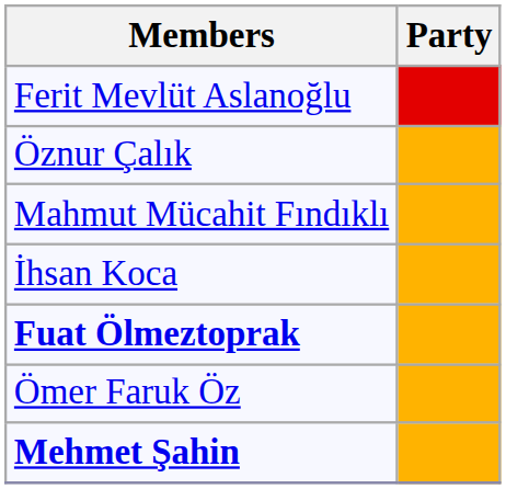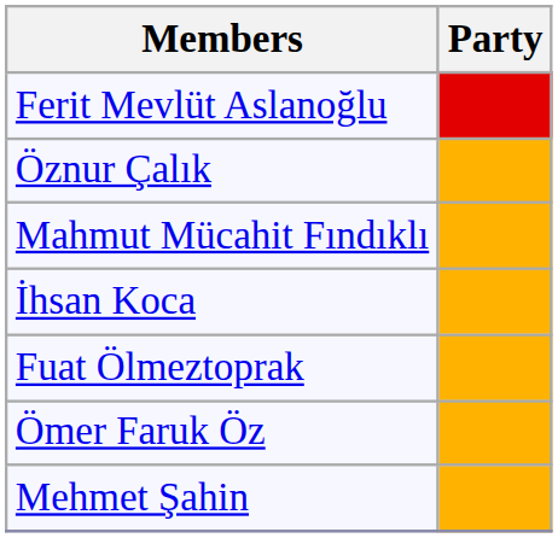 <table class=wikitable style="border:1px solid #8888aa; background-color:#f7f8ff; padding:0px; font-size:90%;">
 <tr>
 <th>Members</th>
 <th colspan="2">Party</th>
 </tr>
 <tr>
 <td><a href='#'>Ferit Mevlüt Aslanoğlu</a></td>
 <td style="background: #e30000"></td>
 </tr>
 <tr>
 <td><a href='#'>Öznur Çalık</a></td>
 <td style="background: #ffb300"></td>
 </tr>
 <tr>
 <td><a href='#'>Mahmut Mücahit Fındıklı</a></td>
 <td style="background: #ffb300"></td>
 </tr>
 <tr>
 <td><a href='#'>İhsan Koca</a></td>
 <td style="background: #ffb300"></td>
 </tr>
 <tr>
-<td><strong><a href='#'>Fuat Ölmeztoprak</a></strong></td>
+<td><a href='#'>Fuat Ölmeztoprak</a></td>
 <td style="background: #ffb300"></td>
 </tr>
 <tr>
 <td><a href='#'>Ömer Faruk Öz</a></td>
 <td style="background: #ffb300"></td>
 </tr>
 <tr>
-<td><strong><a href='#'>Mehmet Şahin</a></strong></td>
+<td><a href='#'>Mehmet Şahin</a></td>
 <td style="background: #ffb300"></td>
 </tr>
 <tr>
 </tr>
 </table>
